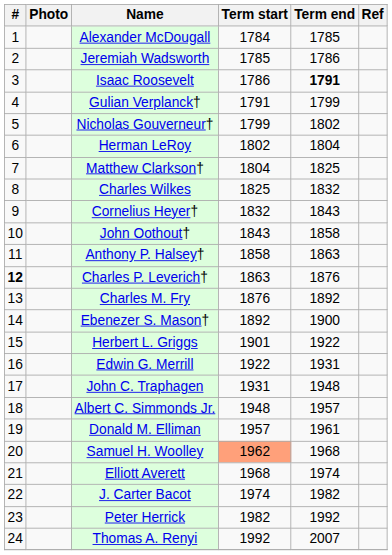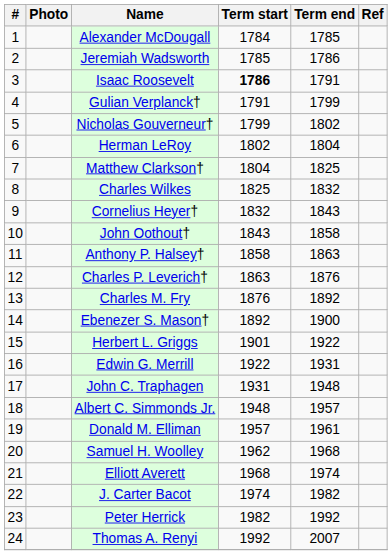 <table class="wikitable" style="text-align:center">
 <tr>
 <th>#</th>
 <th>Photo</th>
 <th>Name</th>
 <th>Term start</th>
 <th>Term end</th>
 <th>Ref</th>
 </tr>
 <tr>
 <td>1</td>
 <td></td>
 <td bgcolor="#ddffdd"><a href='#'>Alexander McDougall</a></td>
 <td>1784</td>
 <td>1785</td>
 <td align="center"></td>
 </tr>
 <tr>
 <td>2</td>
 <td></td>
 <td bgcolor="#ddffdd"><a href='#'>Jeremiah Wadsworth</a></td>
 <td>1785</td>
 <td>1786</td>
 <td align="center"></td>
 </tr>
 <tr>
 <td>3</td>
 <td></td>
 <td bgcolor="#ddffdd"><a href='#'>Isaac Roosevelt</a></td>
-<td>1786</td>
-<td><strong>1791</strong></td>
+<td><strong>1786</strong></td>
+<td>1791</td>
 <td align="center"></td>
 </tr>
 <tr>
 <td>4</td>
 <td></td>
 <td bgcolor="#ddffdd"><a href='#'>Gulian Verplanck</a>†</td>
 <td>1791</td>
 <td>1799</td>
 <td align="center"></td>
 </tr>
 <tr>
 <td>5</td>
 <td></td>
 <td bgcolor="#ddffdd"><a href='#'>Nicholas Gouverneur</a>†</td>
 <td>1799</td>
 <td>1802</td>
 <td align="center"></td>
 </tr>
 <tr>
 <td>6</td>
 <td></td>
 <td bgcolor="#ddffdd"><a href='#'>Herman LeRoy</a></td>
 <td>1802</td>
 <td>1804</td>
 <td align="center"></td>
 </tr>
 <tr>
 <td>7</td>
 <td></td>
 <td bgcolor="#ddffdd"><a href='#'>Matthew Clarkson</a>†</td>
 <td>1804</td>
 <td>1825</td>
 <td align="center"></td>
 </tr>
 <tr>
 <td>8</td>
 <td></td>
 <td bgcolor="#ddffdd"><a href='#'>Charles Wilkes</a></td>
 <td>1825</td>
 <td>1832</td>
 <td align="center"></td>
 </tr>
 <tr>
 <td>9</td>
 <td></td>
 <td bgcolor="#ddffdd"><a href='#'>Cornelius Heyer</a>†</td>
 <td>1832</td>
 <td>1843</td>
 <td align="center"></td>
 </tr>
 <tr>
 <td>10</td>
 <td></td>
 <td bgcolor="#ddffdd"><a href='#'>John Oothout</a>†</td>
 <td>1843</td>
 <td>1858</td>
 <td align="center"></td>
 </tr>
 <tr>
 <td>11</td>
 <td></td>
 <td bgcolor="#ddffdd"><a href='#'>Anthony P. Halsey</a>†</td>
 <td>1858</td>
 <td>1863</td>
 <td align="center"></td>
 </tr>
 <tr>
-<td><strong>12</strong></td>
+<td>12</td>
 <td></td>
 <td bgcolor="#ddffdd"><a href='#'>Charles P. Leverich</a>†</td>
 <td>1863</td>
 <td>1876</td>
 <td align="center"></td>
 </tr>
 <tr>
 <td>13</td>
 <td></td>
 <td bgcolor="#ddffdd"><a href='#'>Charles M. Fry</a></td>
 <td>1876</td>
 <td>1892</td>
 <td align="center"></td>
 </tr>
 <tr>
 <td>14</td>
 <td></td>
 <td bgcolor="#ddffdd"><a href='#'>Ebenezer S. Mason</a>†</td>
 <td>1892</td>
 <td>1900</td>
 <td align="center"></td>
 </tr>
 <tr>
 <td>15</td>
 <td></td>
 <td bgcolor="#ddffdd"><a href='#'>Herbert L. Griggs</a></td>
 <td>1901</td>
 <td>1922</td>
 <td align="center"></td>
 </tr>
 <tr>
 <td>16</td>
 <td></td>
 <td bgcolor="#ddffdd"><a href='#'>Edwin G. Merrill</a></td>
 <td>1922</td>
 <td>1931</td>
 <td align="center"></td>
 </tr>
 <tr>
 <td>17</td>
 <td></td>
 <td bgcolor="#ddffdd"><a href='#'>John C. Traphagen</a></td>
 <td>1931</td>
 <td>1948</td>
 <td align="center"></td>
 </tr>
 <tr>
 <td>18</td>
 <td></td>
 <td bgcolor="#ddffdd"><a href='#'>Albert C. Simmonds Jr.</a></td>
 <td>1948</td>
 <td>1957</td>
 <td align="center"></td>
 </tr>
 <tr>
 <td>19</td>
 <td></td>
 <td bgcolor="#ddffdd"><a href='#'>Donald M. Elliman</a></td>
 <td>1957</td>
 <td>1961</td>
 <td align="center"></td>
 </tr>
 <tr>
 <td>20</td>
 <td></td>
 <td bgcolor="#ddffdd"><a href='#'>Samuel H. Woolley</a></td>
-<td style="background: lightsalmon;">1962</td>
+<td>1962</td>
 <td>1968</td>
 <td align="center"></td>
 </tr>
 <tr>
 <td>21</td>
 <td></td>
 <td bgcolor="#ddffdd"><a href='#'>Elliott Averett</a></td>
 <td>1968</td>
 <td>1974</td>
 <td align="center"></td>
 </tr>
 <tr>
 <td>22</td>
 <td></td>
 <td bgcolor="#ddffdd"><a href='#'>J. Carter Bacot</a></td>
 <td>1974</td>
 <td>1982</td>
 <td align="center"></td>
 </tr>
 <tr>
 <td>23</td>
 <td></td>
 <td bgcolor="#ddffdd"><a href='#'>Peter Herrick</a></td>
 <td>1982</td>
 <td>1992</td>
 <td align="center"></td>
 </tr>
 <tr>
 <td>24</td>
 <td></td>
 <td bgcolor="#ddffdd"><a href='#'>Thomas A. Renyi</a></td>
 <td>1992</td>
 <td>2007</td>
 <td align="center"></td>
 </tr>
 <tr>
 </tr>
 </table>
